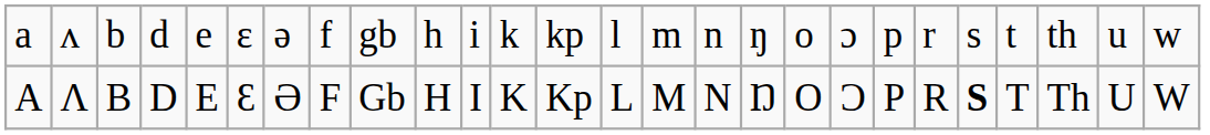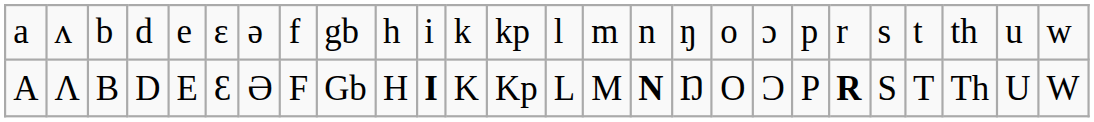 <table class="wikitable">
 <tr>
 <td>a</td>
 <td>ʌ</td>
 <td>b</td>
 <td>d</td>
 <td>e</td>
 <td>ɛ</td>
 <td>ə</td>
 <td>f</td>
 <td>gb</td>
 <td>h</td>
 <td>i</td>
 <td>k</td>
 <td>kp</td>
 <td>l</td>
 <td>m</td>
 <td>n</td>
 <td>ŋ</td>
 <td>o</td>
 <td>ɔ</td>
 <td>p</td>
 <td>r</td>
 <td>s</td>
 <td>t</td>
 <td>th</td>
 <td>u</td>
 <td>w</td>
 </tr>
 <tr>
 <td>A</td>
 <td>Ʌ</td>
 <td>B</td>
 <td>D</td>
 <td>E</td>
 <td>Ɛ</td>
 <td>Ə</td>
 <td>F</td>
 <td>Gb</td>
 <td>H</td>
-<td>I</td>
+<td><strong>I</strong></td>
 <td>K</td>
 <td>Kp</td>
 <td>L</td>
 <td>M</td>
-<td>N</td>
+<td><strong>N</strong></td>
 <td>Ŋ</td>
 <td>O</td>
 <td>Ɔ</td>
 <td>P</td>
-<td>R</td>
-<td><strong>S</strong></td>
+<td><strong>R</strong></td>
+<td>S</td>
 <td>T</td>
 <td>Th</td>
 <td>U</td>
 <td>W</td>
 </tr>
 </table>
